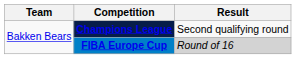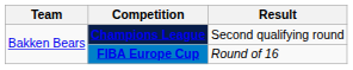 <table class="wikitable sortable">
 <tr>
 <th>Team</th>
 <th>Competition</th>
 <th>Result</th>
 </tr>
 <tr>
 <td rowspan=2><a href='#'>Bakken Bears</a></td>
 <td style="background-color:#071D49;color:#D0D3D4;text-align:center"><strong><a href='#'><span>Champions League</span></a></strong></td>
 <td>Second qualifying round</td>
 </tr>
 <tr>
 <td style="background-color:#0080C8;color:white;text-align:center"><strong><a href='#'><span>FIBA Europe Cup</span></a></strong></td>
-<td style="background: lightgrey;"><em>Round of 16</em></td>
+<td><em>Round of 16</em></td>
 </tr>
 </table>
